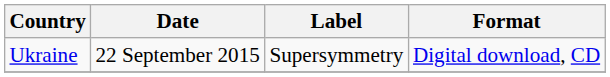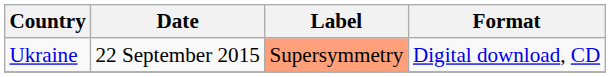 <table class="sortable wikitable">
 <tr>
 <th>Country</th>
 <th>Date</th>
 <th>Label</th>
 <th>Format</th>
 </tr>
 <tr>
 <td><a href='#'>Ukraine</a></td>
 <td>22 September 2015</td>
-<td>Supersymmetry</td>
+<td style="background: lightsalmon;">Supersymmetry</td>
 <td><a href='#'>Digital download</a>, <a href='#'>CD</a></td>
 </tr>
 <tr>
 </tr>
 </table>
